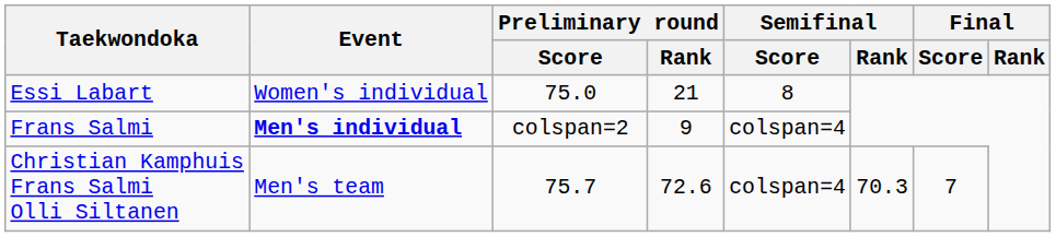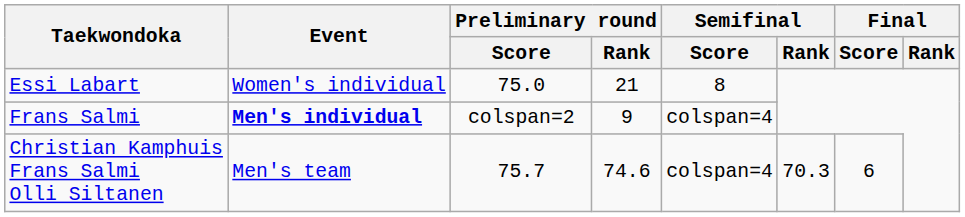 <table class="wikitable">
 <tr>
 <th rowspan=2>Taekwondoka</th>
 <th rowspan=2>Event</th>
 <th colspan=2>Preliminary round</th>
 <th colspan=2>Semifinal</th>
 <th colspan=2>Final</th>
 </tr>
 <tr>
 <th>Score</th>
 <th>Rank</th>
 <th>Score</th>
 <th>Rank</th>
 <th>Score</th>
 <th>Rank</th>
 </tr>
 <tr align=center>
 <td align=left><a href='#'>Essi Labart</a></td>
 <td align=left><a href='#'>Women's individual</a></td>
 <td>75.0</td>
 <td>21</td>
 <td>8</td>
 </tr>
 <tr align=center>
 <td align=left><a href='#'>Frans Salmi</a></td>
 <td align=left><strong><a href='#'>Men's individual</a></strong></td>
 <td>colspan=2 </td>
 <td>9</td>
 <td>colspan=4 </td>
 </tr>
 <tr align=center>
 <td align=left><a href='#'>Christian Kamphuis</a><br><a href='#'>Frans Salmi</a><br><a href='#'>Olli Siltanen</a></td>
 <td align=left><a href='#'>Men's team</a></td>
 <td>75.7</td>
-<td>72.6</td>
+<td>74.6</td>
 <td>colspan=4 </td>
 <td>70.3</td>
-<td>7</td>
+<td>6</td>
 </tr>
 </table>
